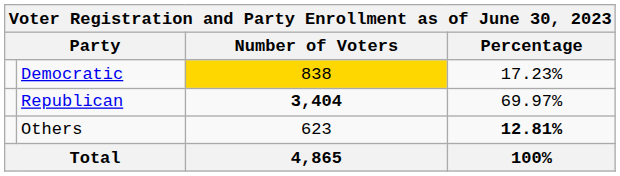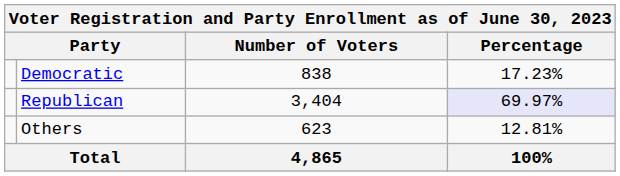 <table class=wikitable>
 <tr>
 <th colspan = 6>Voter Registration and Party Enrollment as of June 30, 2023</th>
 </tr>
 <tr>
 <th colspan = 2>Party</th>
 <th>Number of Voters</th>
 <th>Percentage</th>
 </tr>
 <tr>
 <td></td>
 <td><a href='#'>Democratic</a></td>
-<td align = center style="background: gold;">838</td>
+<td align = center>838</td>
 <td align = center>17.23%</td>
 </tr>
 <tr>
 <td></td>
 <td><a href='#'>Republican</a></td>
-<td align = center><strong>3,404</strong></td>
-<td align = center>69.97%</td>
+<td align = center>3,404</td>
+<td align = center style="background: lavender;">69.97%</td>
 </tr>
 <tr>
 <td></td>
 <td>Others</td>
 <td align = center>623</td>
-<td align = center><strong>12.81%</strong></td>
+<td align = center>12.81%</td>
 </tr>
 <tr>
 <th colspan = 2>Total</th>
 <th align = center>4,865</th>
 <th align = center>100%</th>
 </tr>
 </table>
